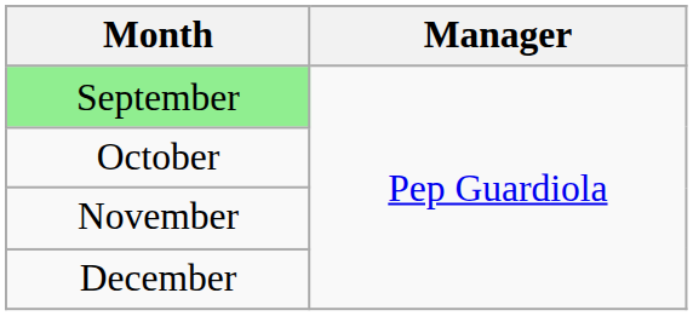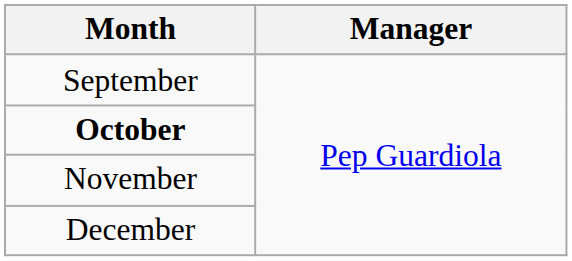 <table class="wikitable">
 <tr>
 <th style="width:120px;">Month</th>
 <th style="width:150px;">Manager</th>
 </tr>
 <tr>
-<td style="background: lightgreen; text-align:center;">September</td>
+<td style="text-align:center;">September</td>
 <td style="text-align:center;" rowspan="4"> <a href='#'>Pep Guardiola</a></td>
 </tr>
 <tr>
-<td style="text-align:center;">October</td>
+<td style="text-align:center;"><strong>October</strong></td>
 </tr>
 <tr>
 <td style="text-align:center;">November</td>
 </tr>
 <tr>
 <td style="text-align:center;">December</td>
 </tr>
 </table>
